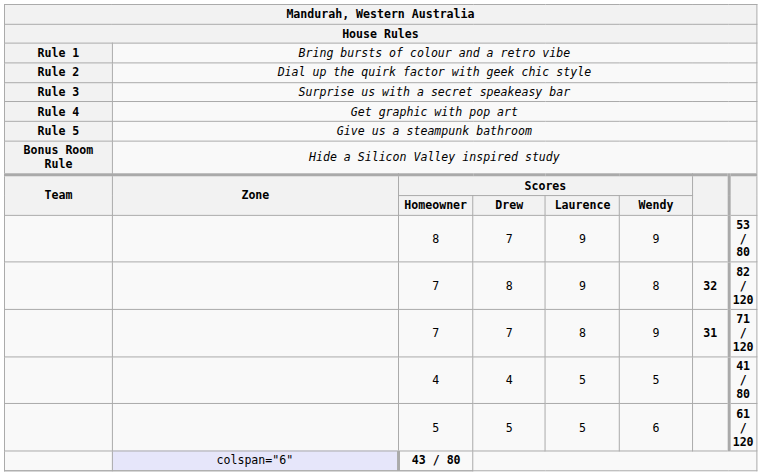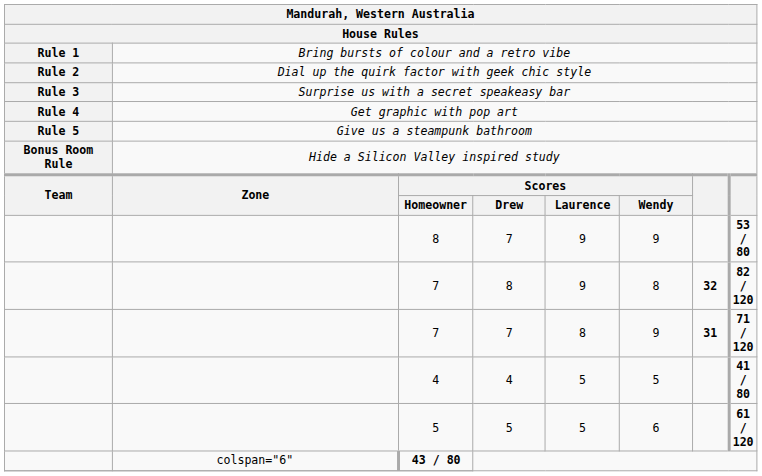 <table class="wikitable plainrowheaders" style="text-align:center; font-size:90%; width:65em;">
 <tr>
 <th colspan="8" >Mandurah, Western Australia</th>
 </tr>
 <tr>
 <th colspan="8">House Rules</th>
 </tr>
 <tr>
 <th>Rule 1</th>
 <td colspan="7"><em>Bring bursts of colour and a retro vibe</em></td>
 </tr>
 <tr>
 <th>Rule 2</th>
 <td colspan="7"><em>Dial up the quirk factor with geek chic style</em></td>
 </tr>
 <tr>
 <th>Rule 3</th>
 <td colspan="7"><em>Surprise us with a secret speakeasy bar</em></td>
 </tr>
 <tr>
 <th>Rule 4</th>
 <td colspan="7"><em>Get graphic with pop art</em></td>
 </tr>
 <tr>
 <th>Rule 5</th>
 <td colspan="7"><em>Give us a steampunk bathroom</em></td>
 </tr>
 <tr>
 <th>Bonus Room Rule</th>
 <td colspan="7"><em>Hide a Silicon Valley inspired study</em></td>
 </tr>
 <tr style="border-top:3px solid #aaa;">
 <th rowspan="2">Team</th>
 <th rowspan="2" style="width:40%;">Zone</th>
 <th colspan="4" style="width:40%;">Scores</th>
 <th rowspan="2" style="width:10%;"></th>
 <th rowspan="2" style="width:10%; border-left:3px solid #aaa;"></th>
 </tr>
 <tr>
 <th style="width:10%;">Homeowner</th>
 <th style="width:10%;">Drew</th>
 <th style="width:10%;">Laurence</th>
 <th style="width:10%;">Wendy</th>
 </tr>
 <tr>
 <td style="width:15%;"></td>
 <td></td>
 <td>8</td>
 <td>7</td>
 <td>9</td>
 <td>9</td>
 <td></td>
 <td style="border-left:3px solid #aaa;"><strong>53 / 80</strong></td>
 </tr>
 <tr>
 <td style="width:15%;"></td>
 <td></td>
 <td>7</td>
 <td>8</td>
 <td>9</td>
 <td>8</td>
 <td><strong>32</strong></td>
 <td style="border-left:3px solid #aaa;"><strong>82 / 120</strong></td>
 </tr>
 <tr>
 <td style="width:15%;"></td>
 <td></td>
 <td>7</td>
 <td>7</td>
 <td>8</td>
 <td>9</td>
 <td><strong>31</strong></td>
 <td style="border-left:3px solid #aaa;"><strong>71 / 120</strong></td>
 </tr>
 <tr>
 <td style="width:15%;"></td>
 <td></td>
 <td>4</td>
 <td>4</td>
 <td>5</td>
 <td>5</td>
 <td></td>
 <td style="border-left:3px solid #aaa;"><strong>41 / 80</strong></td>
 </tr>
 <tr>
 <td style="width:15%;"></td>
 <td></td>
 <td>5</td>
 <td>5</td>
 <td>5</td>
 <td>6</td>
 <td></td>
 <td style="border-left:3px solid #aaa;"><strong>61 / 120</strong></td>
 </tr>
 <tr>
 <td style="width:15%;"></td>
-<td style="background: lavender;">colspan="6" </td>
+<td>colspan="6" </td>
 <td style="border-left:3px solid #aaa;"><strong>43 / 80</strong></td>
 </tr>
 <tr>
 </tr>
 </table>
